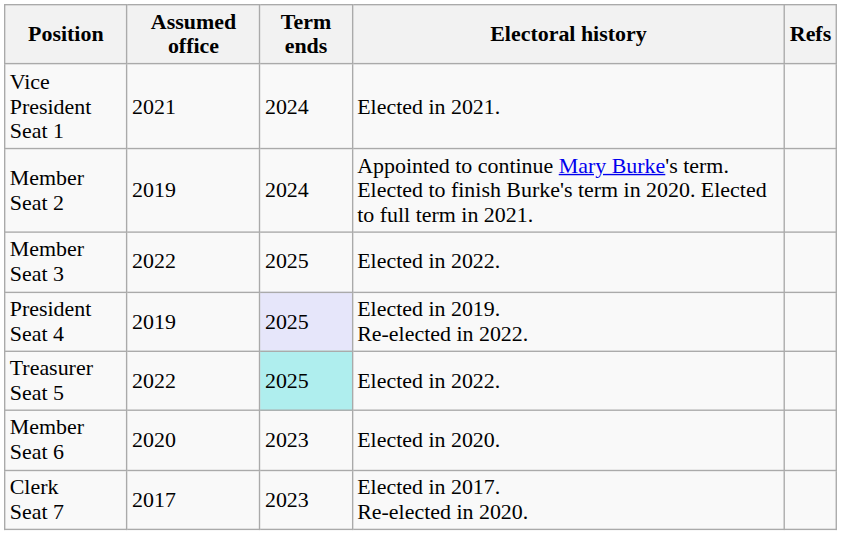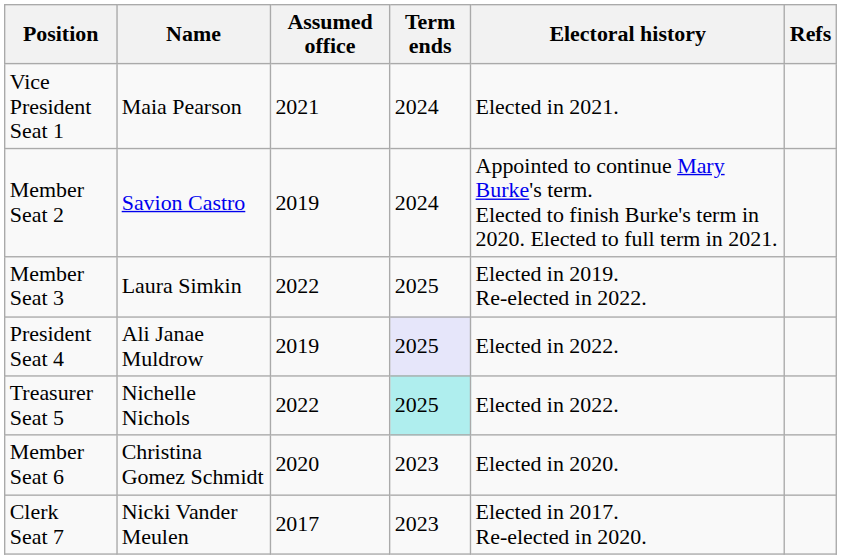 <table class="wikitable">
 <tr>
 <th>Position</th>
+<th>Name</th>
 <th>Assumed office</th>
 <th>Term ends</th>
 <th>Electoral history</th>
 <th>Refs</th>
 </tr>
 <tr>
 <td>Vice President<br>Seat 1</td>
+<td>Maia Pearson</td>
 <td>2021</td>
 <td>2024</td>
 <td>Elected in 2021.</td>
 <td></td>
 </tr>
 <tr>
 <td>Member<br>Seat 2</td>
+<td><a href='#'>Savion Castro</a></td>
 <td>2019</td>
 <td>2024</td>
 <td>Appointed to continue <a href='#'>Mary Burke</a>'s term.<br>Elected to finish Burke's term in 2020. Elected to full term in 2021.</td>
 <td></td>
 </tr>
 <tr>
 <td>Member<br>Seat 3</td>
+<td>Laura Simkin</td>
 <td>2022</td>
 <td>2025</td>
+<td>Elected in 2019.<br>Re-elected in 2022.</td>
+<td></td>
+</tr>
+<tr>
+<td>President<br>Seat 4</td>
+<td>Ali Janae Muldrow</td>
+<td>2019</td>
+<td style="background: lavender;">2025</td>
 <td>Elected in 2022.</td>
 <td></td>
 </tr>
 <tr>
-<td>President<br>Seat 4</td>
-<td>2019</td>
-<td style="background: lavender;">2025</td>
-<td>Elected in 2019.<br>Re-elected in 2022.</td>
-<td></td>
-</tr>
-<tr>
 <td>Treasurer<br>Seat 5</td>
+<td>Nichelle Nichols</td>
 <td>2022</td>
 <td style="background: paleturquoise;">2025</td>
 <td>Elected in 2022.</td>
 <td></td>
 </tr>
 <tr>
 <td>Member<br>Seat 6</td>
+<td>Christina Gomez Schmidt</td>
 <td>2020</td>
 <td>2023</td>
 <td>Elected in 2020.</td>
 <td></td>
 </tr>
 <tr>
 <td>Clerk<br>Seat 7</td>
+<td>Nicki Vander Meulen</td>
 <td>2017</td>
 <td>2023</td>
 <td>Elected in 2017.<br>Re-elected in 2020.</td>
 <td></td>
 </tr>
 </table>
